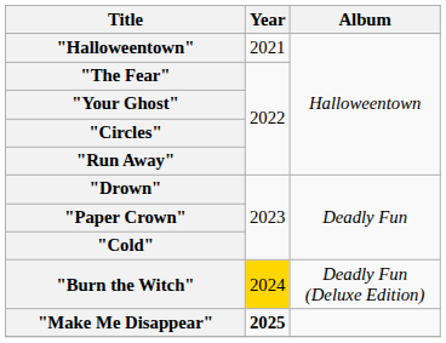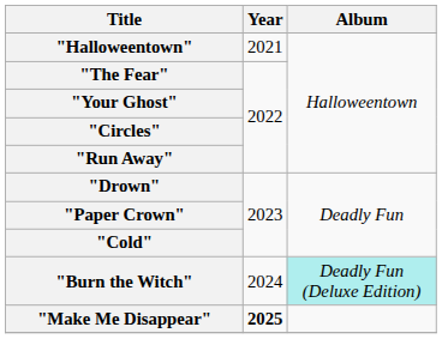 <table class="wikitable plainrowheaders" style="text-align:center;" border="1">
 <tr>
 <th scope="col" style="width:13em;">Title</th>
 <th scope="col" style="width:1em;">Year</th>
 <th scope="col" style="width:8em;">Album</th>
 </tr>
 <tr>
 <th scope="row">"Halloweentown"</th>
 <td>2021</td>
 <td rowspan="5"><em>Halloweentown</em></td>
 </tr>
 <tr>
 <th scope="row">"The Fear"</th>
 <td rowspan="4">2022</td>
 </tr>
 <tr>
 <th scope="row">"Your Ghost"</th>
 </tr>
 <tr>
 <th scope="row">"Circles"</th>
 </tr>
 <tr>
 <th scope="row">"Run Away"</th>
 </tr>
 <tr>
 <th scope="row">"Drown"</th>
 <td rowspan="3">2023</td>
 <td rowspan="3"><em>Deadly Fun</em></td>
 </tr>
 <tr>
 <th scope="row">"Paper Crown"<br></th>
 </tr>
 <tr>
 <th scope="row">"Cold"</th>
 </tr>
 <tr>
 <th scope="row">"Burn the Witch"</th>
-<td style="background: gold;">2024</td>
-<td><em>Deadly Fun (Deluxe Edition)</em></td>
+<td>2024</td>
+<td style="background: paleturquoise;"><em>Deadly Fun (Deluxe Edition)</em></td>
 </tr>
 <tr>
 <th scope="row">"Make Me Disappear"</th>
 <td><strong>2025</strong></td>
 <td></td>
 </tr>
 <tr>
 </tr>
 </table>
